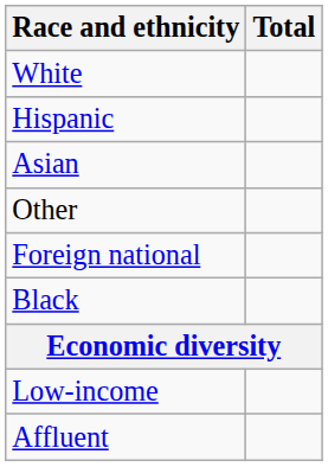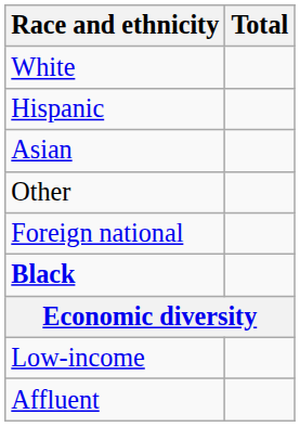 <table class="wikitable floatright sortable collapsible"; text-align:right; font-size:80%;">
 <tr>
 <th>Race and ethnicity</th>
 <th colspan="2" data-sort-type=number>Total</th>
 </tr>
 <tr>
 <td><a href='#'>White</a></td>
 <td align=right></td>
 </tr>
 <tr>
 <td><a href='#'>Hispanic</a></td>
 <td align=right></td>
 </tr>
 <tr>
 <td><a href='#'>Asian</a></td>
 <td align=right></td>
 </tr>
 <tr>
 <td>Other</td>
 <td align=right></td>
 </tr>
 <tr>
 <td><a href='#'>Foreign national</a></td>
 <td align=right></td>
 </tr>
 <tr>
-<td><a href='#'>Black</a></td>
+<td><strong><a href='#'>Black</a></strong></td>
 <td align=right></td>
 </tr>
 <tr>
 <th colspan="4" data-sort-type=number><a href='#'>Economic diversity</a></th>
 </tr>
 <tr>
 <td><a href='#'>Low-income</a></td>
 <td align=right></td>
 </tr>
 <tr>
 <td><a href='#'>Affluent</a></td>
 <td align=right></td>
 </tr>
 </table>
